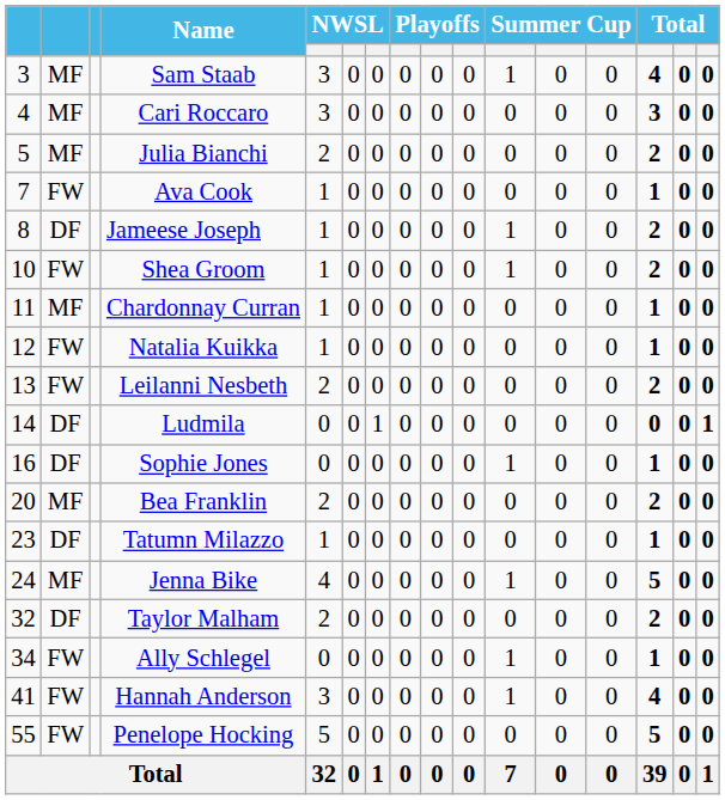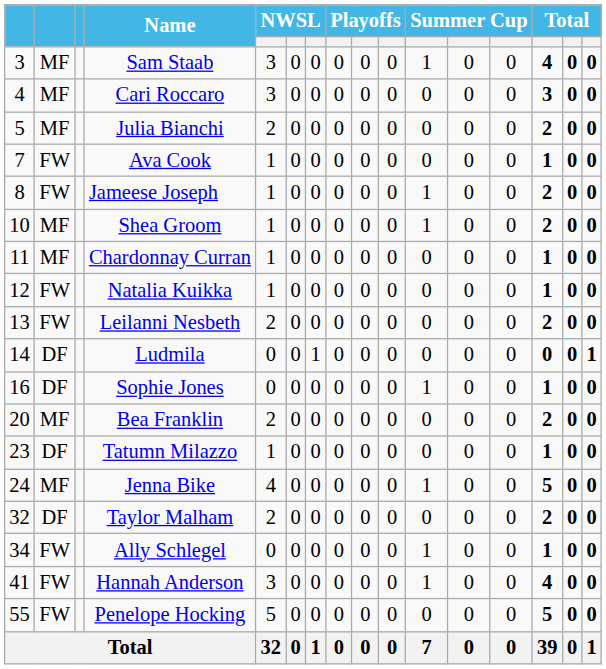 <table class="wikitable sortable" style="text-align:center;">
 <tr>
 <th rowspan="2" style="background:#42b7e6; color:white;"></th>
 <th rowspan="2" style="background:#42b7e6; color:white;"></th>
 <th rowspan="2" style="background:#42b7e6; color:white;"></th>
 <th rowspan="2" style="background:#42b7e6; color:white;">Name</th>
 <th colspan="3" style="background:#42b7e6; color:white;">NWSL</th>
 <th colspan="3" style="background:#42b7e6; color:white;">Playoffs</th>
 <th colspan="3" style="background:#42b7e6; color:white;">Summer Cup</th>
 <th colspan="3" style="background:#42b7e6; color:white;">Total</th>
 </tr>
 <tr>
 <th></th>
 <th></th>
 <th></th>
 <th></th>
 <th></th>
 <th></th>
 <th></th>
 <th></th>
 <th></th>
 <th></th>
 <th></th>
 <th></th>
 </tr>
 <tr>
 <td>3</td>
 <td>MF</td>
 <td></td>
 <td><a href='#'>Sam Staab</a></td>
 <td>3</td>
 <td>0</td>
 <td>0</td>
 <td>0</td>
 <td>0</td>
 <td>0</td>
 <td>1</td>
 <td>0</td>
 <td>0</td>
 <td><strong>4</strong></td>
 <td><strong>0</strong></td>
 <td><strong>0</strong></td>
 </tr>
 <tr>
 <td>4</td>
 <td>MF</td>
 <td></td>
 <td><a href='#'>Cari Roccaro</a></td>
 <td>3</td>
 <td>0</td>
 <td>0</td>
 <td>0</td>
 <td>0</td>
 <td>0</td>
 <td>0</td>
 <td>0</td>
 <td>0</td>
 <td><strong>3</strong></td>
 <td><strong>0</strong></td>
 <td><strong>0</strong></td>
 </tr>
 <tr>
 <td>5</td>
 <td>MF</td>
 <td></td>
 <td><a href='#'>Julia Bianchi</a></td>
 <td>2</td>
 <td>0</td>
 <td>0</td>
 <td>0</td>
 <td>0</td>
 <td>0</td>
 <td>0</td>
 <td>0</td>
 <td>0</td>
 <td><strong>2</strong></td>
 <td><strong>0</strong></td>
 <td><strong>0</strong></td>
 </tr>
 <tr>
 <td>7</td>
 <td>FW</td>
 <td></td>
 <td><a href='#'>Ava Cook</a></td>
 <td>1</td>
 <td>0</td>
 <td>0</td>
 <td>0</td>
 <td>0</td>
 <td>0</td>
 <td>0</td>
 <td>0</td>
 <td>0</td>
 <td><strong>1</strong></td>
 <td><strong>0</strong></td>
 <td><strong>0</strong></td>
 </tr>
 <tr>
 <td>8</td>
-<td>DF</td>
+<td>FW</td>
 <td></td>
 <td align="left"><a href='#'>Jameese Joseph</a></td>
 <td>1</td>
 <td>0</td>
 <td>0</td>
 <td>0</td>
 <td>0</td>
 <td>0</td>
 <td>1</td>
 <td>0</td>
 <td>0</td>
 <td><strong>2</strong></td>
 <td><strong>0</strong></td>
 <td><strong>0</strong></td>
 </tr>
 <tr>
 <td>10</td>
-<td>FW</td>
+<td>MF</td>
 <td></td>
 <td><a href='#'>Shea Groom</a></td>
 <td>1</td>
 <td>0</td>
 <td>0</td>
 <td>0</td>
 <td>0</td>
 <td>0</td>
 <td>1</td>
 <td>0</td>
 <td>0</td>
 <td><strong>2</strong></td>
 <td><strong>0</strong></td>
 <td><strong>0</strong></td>
 </tr>
 <tr>
 <td>11</td>
 <td>MF</td>
 <td></td>
 <td><a href='#'>Chardonnay Curran</a></td>
 <td>1</td>
 <td>0</td>
 <td>0</td>
 <td>0</td>
 <td>0</td>
 <td>0</td>
 <td>0</td>
 <td>0</td>
 <td>0</td>
 <td><strong>1</strong></td>
 <td><strong>0</strong></td>
 <td><strong>0</strong></td>
 </tr>
 <tr>
 <td>12</td>
 <td>FW</td>
 <td></td>
 <td><a href='#'>Natalia Kuikka</a></td>
 <td>1</td>
 <td>0</td>
 <td>0</td>
 <td>0</td>
 <td>0</td>
 <td>0</td>
 <td>0</td>
 <td>0</td>
 <td>0</td>
 <td><strong>1</strong></td>
 <td><strong>0</strong></td>
 <td><strong>0</strong></td>
 </tr>
 <tr>
 <td>13</td>
 <td>FW</td>
 <td></td>
 <td><a href='#'>Leilanni Nesbeth</a></td>
 <td>2</td>
 <td>0</td>
 <td>0</td>
 <td>0</td>
 <td>0</td>
 <td>0</td>
 <td>0</td>
 <td>0</td>
 <td>0</td>
 <td><strong>2</strong></td>
 <td><strong>0</strong></td>
 <td><strong>0</strong></td>
 </tr>
 <tr>
 <td>14</td>
 <td>DF</td>
 <td></td>
 <td><a href='#'>Ludmila</a></td>
 <td>0</td>
 <td>0</td>
 <td>1</td>
 <td>0</td>
 <td>0</td>
 <td>0</td>
 <td>0</td>
 <td>0</td>
 <td>0</td>
 <td><strong>0</strong></td>
 <td><strong>0</strong></td>
 <td><strong>1</strong></td>
 </tr>
 <tr>
 <td>16</td>
 <td>DF</td>
 <td></td>
 <td><a href='#'>Sophie Jones</a></td>
 <td>0</td>
 <td>0</td>
 <td>0</td>
 <td>0</td>
 <td>0</td>
 <td>0</td>
 <td>1</td>
 <td>0</td>
 <td>0</td>
 <td><strong>1</strong></td>
 <td><strong>0</strong></td>
 <td><strong>0</strong></td>
 </tr>
 <tr>
 <td>20</td>
 <td>MF</td>
 <td></td>
 <td><a href='#'>Bea Franklin</a></td>
 <td>2</td>
 <td>0</td>
 <td>0</td>
 <td>0</td>
 <td>0</td>
 <td>0</td>
 <td>0</td>
 <td>0</td>
 <td>0</td>
 <td><strong>2</strong></td>
 <td><strong>0</strong></td>
 <td><strong>0</strong></td>
 </tr>
 <tr>
 <td>23</td>
 <td>DF</td>
 <td></td>
 <td><a href='#'>Tatumn Milazzo</a></td>
 <td>1</td>
 <td>0</td>
 <td>0</td>
 <td>0</td>
 <td>0</td>
 <td>0</td>
 <td>0</td>
 <td>0</td>
 <td>0</td>
 <td><strong>1</strong></td>
 <td><strong>0</strong></td>
 <td><strong>0</strong></td>
 </tr>
 <tr>
 <td>24</td>
 <td>MF</td>
 <td></td>
 <td><a href='#'>Jenna Bike</a></td>
 <td>4</td>
 <td>0</td>
 <td>0</td>
 <td>0</td>
 <td>0</td>
 <td>0</td>
 <td>1</td>
 <td>0</td>
 <td>0</td>
 <td><strong>5</strong></td>
 <td><strong>0</strong></td>
 <td><strong>0</strong></td>
 </tr>
 <tr>
 <td>32</td>
 <td>DF</td>
 <td></td>
 <td><a href='#'>Taylor Malham</a></td>
 <td>2</td>
 <td>0</td>
 <td>0</td>
 <td>0</td>
 <td>0</td>
 <td>0</td>
 <td>0</td>
 <td>0</td>
 <td>0</td>
 <td><strong>2</strong></td>
 <td><strong>0</strong></td>
 <td><strong>0</strong></td>
 </tr>
 <tr>
 <td>34</td>
 <td>FW</td>
 <td></td>
 <td><a href='#'>Ally Schlegel</a></td>
 <td>0</td>
 <td>0</td>
 <td>0</td>
 <td>0</td>
 <td>0</td>
 <td>0</td>
 <td>1</td>
 <td>0</td>
 <td>0</td>
 <td><strong>1</strong></td>
 <td><strong>0</strong></td>
 <td><strong>0</strong></td>
 </tr>
 <tr>
 <td>41</td>
 <td>FW</td>
 <td></td>
 <td><a href='#'>Hannah Anderson</a></td>
 <td>3</td>
 <td>0</td>
 <td>0</td>
 <td>0</td>
 <td>0</td>
 <td>0</td>
 <td>1</td>
 <td>0</td>
 <td>0</td>
 <td><strong>4</strong></td>
 <td><strong>0</strong></td>
 <td><strong>0</strong></td>
 </tr>
 <tr>
 <td>55</td>
 <td>FW</td>
 <td></td>
 <td><a href='#'>Penelope Hocking</a></td>
 <td>5</td>
 <td>0</td>
 <td>0</td>
 <td>0</td>
 <td>0</td>
 <td>0</td>
 <td>0</td>
 <td>0</td>
 <td>0</td>
 <td><strong>5</strong></td>
 <td><strong>0</strong></td>
 <td><strong>0</strong></td>
 </tr>
 <tr>
 <th colspan="4">Total</th>
 <th>32</th>
 <th>0</th>
 <th>1</th>
 <th>0</th>
 <th>0</th>
 <th>0</th>
 <th>7</th>
 <th>0</th>
 <th>0</th>
 <th>39</th>
 <th>0</th>
 <th>1</th>
 </tr>
 </table>
